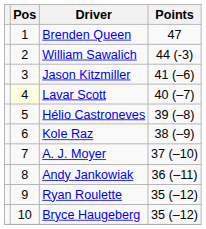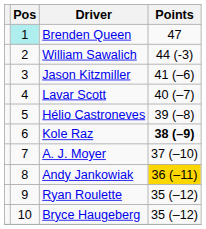 <table class="wikitable" style="font-size: 95%;">
 <tr>
 <th></th>
 <th>Pos</th>
 <th>Driver</th>
 <th>Points</th>
 </tr>
 <tr>
 <td align="left"></td>
-<td style="text-align:center;">1</td>
+<td style="background: paleturquoise; text-align:center;">1</td>
 <td><a href='#'>Brenden Queen</a></td>
 <td style="text-align:center;">47</td>
 </tr>
 <tr>
 <td align="left"></td>
 <td style="text-align:center;">2</td>
 <td><a href='#'>William Sawalich</a></td>
 <td style="text-align:center;">44 (-3)</td>
 </tr>
 <tr>
 <td align="left"></td>
 <td style="text-align:center;">3</td>
 <td><a href='#'>Jason Kitzmiller</a></td>
 <td style="text-align:center;">41 (–6)</td>
 </tr>
 <tr>
 <td align="left"></td>
-<td style="background: lightyellow; text-align:center;">4</td>
+<td style="text-align:center;">4</td>
 <td><a href='#'>Lavar Scott</a></td>
 <td style="text-align:center;">40 (–7)</td>
 </tr>
 <tr>
 <td align="left"></td>
 <td style="text-align:center;">5</td>
 <td><a href='#'>Hélio Castroneves</a></td>
 <td style="text-align:center;">39 (–8)</td>
 </tr>
 <tr>
 <td align="left"></td>
 <td style="text-align:center;">6</td>
 <td><a href='#'>Kole Raz</a></td>
-<td style="text-align:center;">38 (–9)</td>
+<td style="text-align:center;"><strong>38 (–9)</strong></td>
 </tr>
 <tr>
 <td align="left"></td>
 <td style="text-align:center;">7</td>
 <td><a href='#'>A. J. Moyer</a></td>
 <td style="text-align:center;">37 (–10)</td>
 </tr>
 <tr>
 <td align="left"></td>
 <td style="text-align:center;">8</td>
 <td><a href='#'>Andy Jankowiak</a></td>
-<td style="text-align:center;">36 (–11)</td>
+<td style="background: gold; text-align:center;">36 (–11)</td>
 </tr>
 <tr>
 <td align="left"></td>
 <td style="text-align:center;">9</td>
 <td><a href='#'>Ryan Roulette</a></td>
 <td style="text-align:center;">35 (–12)</td>
 </tr>
 <tr>
 <td align="left"></td>
 <td style="text-align:center;">10</td>
 <td><a href='#'>Bryce Haugeberg</a></td>
 <td style="text-align:center;">35 (–12)</td>
 </tr>
 <tr class="sortbottom">
 </tr>
 </table>
